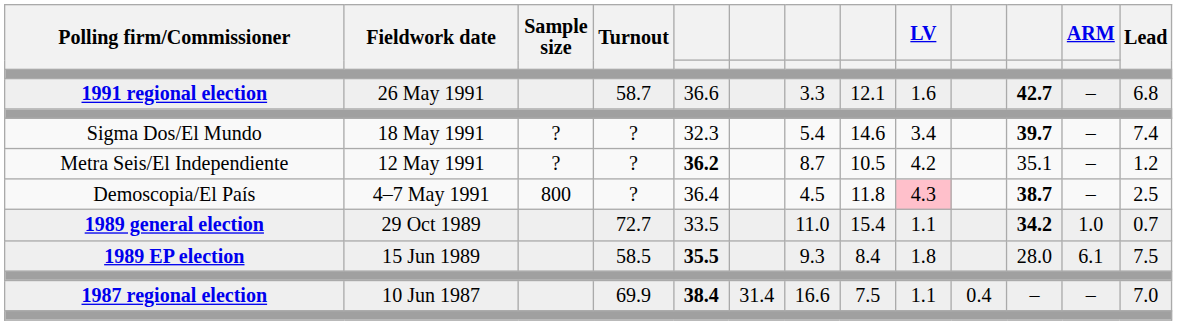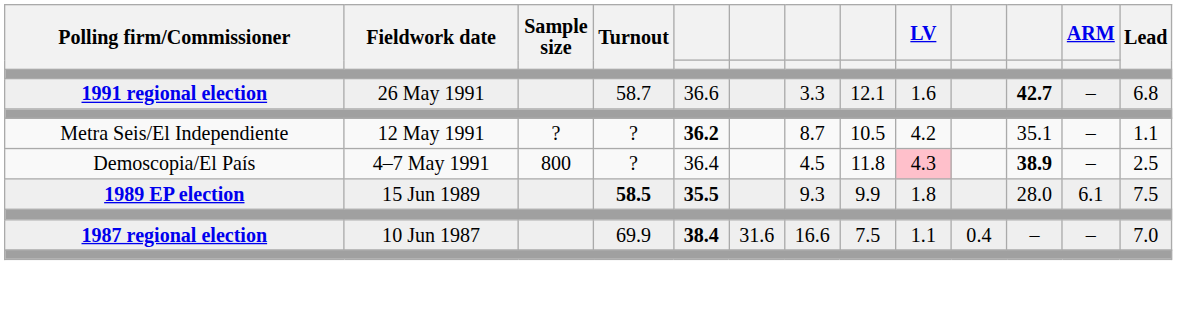 <table class="wikitable collapsible collapsed" style="text-align:center; font-size:95%; line-height:16px;">
 <tr style="height:42px;">
 <th style="width:250px;" rowspan="2">Polling firm/Commissioner</th>
 <th style="width:125px;" rowspan="2">Fieldwork date</th>
 <th style="width:50px;" rowspan="2">Sample size</th>
 <th style="width:45px;" rowspan="2">Turnout</th>
 <th style="width:35px;"></th>
 <th style="width:35px;"></th>
 <th style="width:35px;"></th>
 <th style="width:35px;"></th>
 <th style="width:35px;"><a href='#'>LV</a></th>
 <th style="width:35px;"></th>
 <th style="width:35px;"></th>
 <th style="width:35px;"><a href='#'>ARM</a></th>
 <th style="width:30px;" rowspan="2">Lead</th>
 </tr>
 <tr>
 <th style="color:inherit;background:"></th>
 <th style="color:inherit;background:"></th>
 <th style="color:inherit;background:"></th>
 <th style="color:inherit;background:"></th>
 <th style="color:inherit;background:"></th>
 <th style="color:inherit;background:"></th>
 <th style="color:inherit;background:"></th>
 <th style="color:inherit;background:"></th>
 </tr>
 <tr>
 <td colspan="13" style="background:#A0A0A0"></td>
 </tr>
 <tr style="background:#EFEFEF;">
 <td><strong><a href='#'>1991 regional election</a></strong></td>
 <td>26 May 1991</td>
 <td></td>
 <td>58.7</td>
 <td>36.6<br></td>
 <td></td>
 <td>3.3<br></td>
 <td>12.1<br></td>
 <td>1.6<br></td>
 <td></td>
 <td><strong>42.7</strong><br></td>
 <td>–</td>
 <td style="background:">6.8</td>
 </tr>
 <tr>
 <td colspan="13" style="background:#A0A0A0"></td>
 </tr>
 <tr>
-<td>Sigma Dos/El Mundo</td>
-<td>18 May 1991</td>
-<td>?</td>
-<td>?</td>
-<td>32.3<br></td>
-<td></td>
-<td>5.4<br></td>
-<td>14.6<br></td>
-<td>3.4<br></td>
-<td></td>
-<td><strong>39.7</strong><br></td>
-<td>–</td>
-<td style="background:">7.4</td>
-</tr>
-<tr>
 <td>Metra Seis/El Independiente</td>
 <td>12 May 1991</td>
 <td>?</td>
 <td>?</td>
 <td><strong>36.2</strong><br></td>
 <td></td>
 <td>8.7<br></td>
 <td>10.5<br></td>
 <td>4.2<br></td>
 <td></td>
 <td>35.1<br></td>
 <td>–</td>
-<td style="background:">1.2</td>
+<td style="background:">1.1</td>
 </tr>
 <tr>
 <td>Demoscopia/El País</td>
 <td>4–7 May 1991</td>
 <td>800</td>
 <td>?</td>
 <td>36.4<br></td>
 <td></td>
 <td>4.5<br></td>
 <td>11.8<br></td>
 <td style="background: pink;">4.3<br></td>
 <td></td>
-<td><strong>38.7</strong><br></td>
+<td><strong>38.9</strong><br></td>
 <td>–</td>
 <td style="background:">2.5</td>
-</tr>
-<tr style="background:#EFEFEF;">
-<td><strong><a href='#'>1989 general election</a></strong></td>
-<td>29 Oct 1989</td>
-<td></td>
-<td>72.7</td>
-<td>33.5<br></td>
-<td></td>
-<td>11.0<br></td>
-<td>15.4<br></td>
-<td>1.1<br></td>
-<td></td>
-<td><strong>34.2</strong><br></td>
-<td>1.0<br></td>
-<td style="background:">0.7</td>
 </tr>
 <tr style="background:#EFEFEF;">
 <td><strong><a href='#'>1989 EP election</a></strong></td>
 <td>15 Jun 1989</td>
 <td></td>
-<td>58.5</td>
+<td><strong>58.5</strong></td>
 <td><strong>35.5</strong><br></td>
 <td></td>
 <td>9.3<br></td>
-<td>8.4<br></td>
+<td>9.9<br></td>
 <td>1.8<br></td>
 <td></td>
 <td>28.0<br></td>
 <td>6.1<br></td>
 <td style="background:">7.5</td>
 </tr>
 <tr>
 <td colspan="13" style="background:#A0A0A0"></td>
 </tr>
 <tr style="background:#EFEFEF;">
 <td><strong><a href='#'>1987 regional election</a></strong></td>
 <td>10 Jun 1987</td>
 <td></td>
 <td>69.9</td>
 <td><strong>38.4</strong><br></td>
-<td>31.4<br></td>
+<td>31.6<br></td>
 <td>16.6<br></td>
 <td>7.5<br></td>
 <td>1.1<br></td>
 <td>0.4<br></td>
 <td>–</td>
 <td>–</td>
 <td style="background:">7.0</td>
 </tr>
 <tr>
 <td colspan="13" style="background:#A0A0A0"></td>
 </tr>
 </table>
